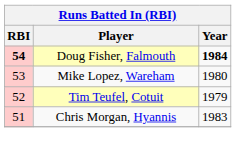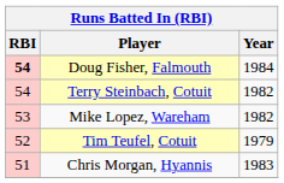 <table class="wikitable" style="display: inline-table; margin-right: 20px; text-align:center">
 <tr>
 <th colspan="3"><a href='#'>Runs Batted In (RBI)</a></th>
 </tr>
 <tr>
 <th scope="col" style="width: 25px;">RBI</th>
 <th scope="col" style="width: 200px;">Player</th>
 <th scope="col" style="width: 25px;">Year</th>
 </tr>
 <tr>
 <td bgcolor=#ffcccc><strong>54</strong></td>
 <td !scope="row" style="background:#ffb;">Doug Fisher, <a href='#'>Falmouth</a></td>
-<td><strong>1984</strong></td>
+<td>1984</td>
+</tr>
+<tr>
+<td bgcolor=#ffcccc>54</td>
+<td !scope="row" style="background:#ffb;"><a href='#'>Terry Steinbach</a>, <a href='#'>Cotuit</a></td>
+<td>1982</td>
 </tr>
 <tr>
 <td bgcolor=#ffcccc>53</td>
 <td>Mike Lopez, <a href='#'>Wareham</a></td>
-<td>1980</td>
+<td>1982</td>
 </tr>
 <tr>
 <td bgcolor=#ffcccc>52</td>
 <td !scope="row" style="background:#ffb;"><a href='#'>Tim Teufel</a>, <a href='#'>Cotuit</a></td>
 <td>1979</td>
 </tr>
 <tr>
 <td bgcolor=#ffcccc>51</td>
 <td>Chris Morgan, <a href='#'>Hyannis</a></td>
 <td>1983</td>
 </tr>
 <tr>
 </tr>
 </table>
